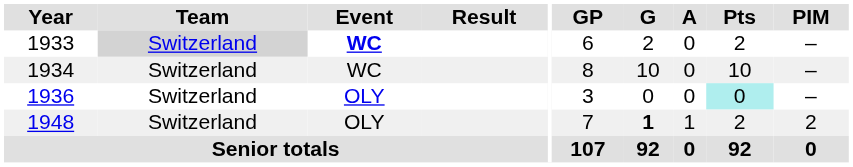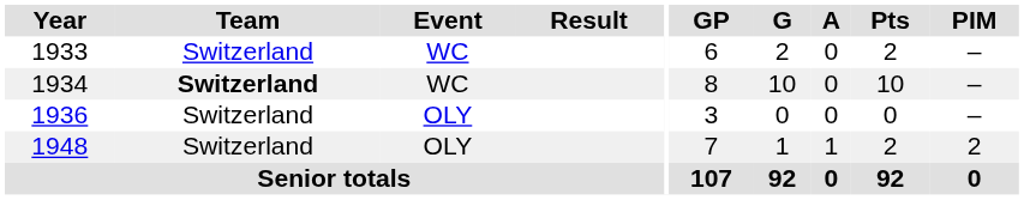 <table border="0" cellpadding="1" cellspacing="0" ID="Table3" style="text-align:center; width:40em">
 <tr ALIGN="center" bgcolor="#e0e0e0">
 <th>Year</th>
 <th>Team</th>
 <th>Event</th>
 <th>Result</th>
 <th rowspan="100" bgcolor="#ffffff"></th>
 <th>GP</th>
 <th>G</th>
 <th>A</th>
 <th>Pts</th>
 <th>PIM</th>
 </tr>
 <tr>
 <td>1933</td>
-<td style="background: lightgrey;"><a href='#'>Switzerland</a></td>
-<td><strong><a href='#'>WC</a></strong></td>
+<td><a href='#'>Switzerland</a></td>
+<td><a href='#'>WC</a></td>
 <td></td>
 <td>6</td>
 <td>2</td>
 <td>0</td>
 <td>2</td>
 <td>–</td>
 </tr>
 <tr bgcolor="#f0f0f0">
 <td>1934</td>
-<td>Switzerland</td>
+<td><strong>Switzerland</strong></td>
 <td>WC</td>
 <td></td>
 <td>8</td>
 <td>10</td>
 <td>0</td>
 <td>10</td>
 <td>–</td>
 </tr>
 <tr>
 <td><a href='#'>1936</a></td>
 <td>Switzerland</td>
 <td><a href='#'>OLY</a></td>
 <td></td>
 <td>3</td>
 <td>0</td>
 <td>0</td>
-<td style="background: paleturquoise;">0</td>
+<td>0</td>
 <td>–</td>
 </tr>
 <tr style="background:#f0f0f0;">
 <td><a href='#'>1948</a></td>
 <td>Switzerland</td>
 <td>OLY</td>
 <td></td>
 <td>7</td>
-<td><strong>1</strong></td>
+<td>1</td>
 <td>1</td>
 <td>2</td>
 <td>2</td>
 </tr>
 <tr bgcolor="#e0e0e0">
 <th colspan="4">Senior totals</th>
 <th>107</th>
 <th>92</th>
 <th>0</th>
 <th>92</th>
 <th>0</th>
 </tr>
 </table>
